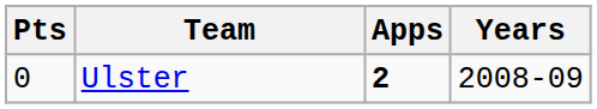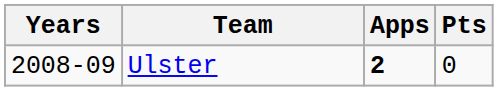 <table class="wikitable" style="text-align:left;">
 <tr>
-<th>Pts</th>
+<th>Years</th>
 <th width=120px>Team</th>
 <th>Apps</th>
-<th>Years</th>
+<th>Pts</th>
 </tr>
 <tr>
-<td>0</td>
+<td>2008-09</td>
 <td><a href='#'>Ulster</a></td>
 <td><strong>2</strong></td>
-<td>2008-09</td>
+<td>0</td>
 </tr>
 </table>
